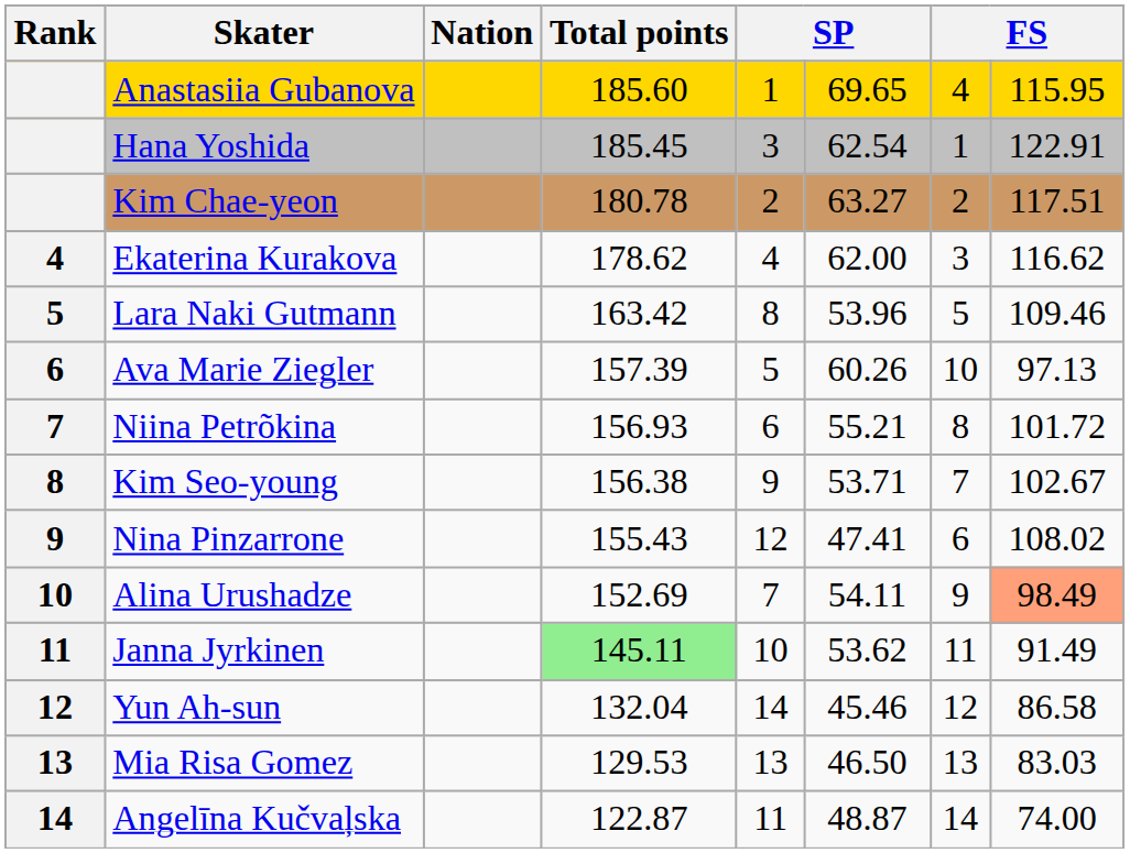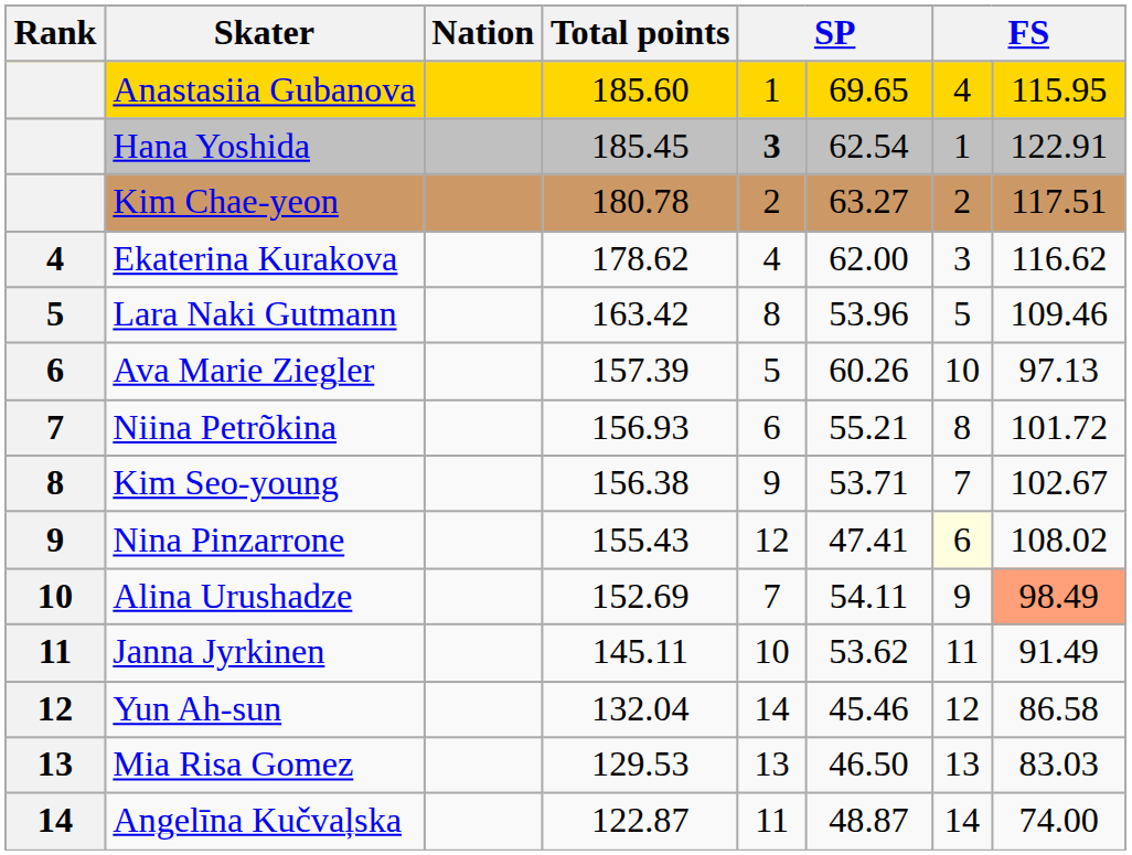 <table class="wikitable sortable" style="text-align:left">
 <tr>
 <th scope="col">Rank</th>
 <th scope="col">Skater</th>
 <th scope="col">Nation</th>
 <th scope="col">Total points</th>
 <th scope="col" colspan="2" width="80px"><a href='#'>SP</a></th>
 <th scope="col" colspan="2" width="80px"><a href='#'>FS</a></th>
 </tr>
 <tr bgcolor="gold">
 <th scope="row"></th>
 <td><a href='#'>Anastasiia Gubanova</a></td>
 <td></td>
 <td align="center">185.60</td>
 <td align="center">1</td>
 <td align="center">69.65</td>
 <td align="center">4</td>
 <td align="center">115.95</td>
 </tr>
 <tr bgcolor="silver">
 <th scope="row"></th>
 <td><a href='#'>Hana Yoshida</a></td>
 <td></td>
 <td align="center">185.45</td>
-<td align="center">3</td>
+<td align="center"><strong>3</strong></td>
 <td align="center">62.54</td>
 <td align="center">1</td>
 <td align="center">122.91</td>
 </tr>
 <tr bgcolor="cc9966">
 <th scope="row"></th>
 <td><a href='#'>Kim Chae-yeon</a></td>
 <td></td>
 <td align="center">180.78</td>
 <td align="center">2</td>
 <td align="center">63.27</td>
 <td align="center">2</td>
 <td align="center">117.51</td>
 </tr>
 <tr>
 <th scope="row">4</th>
 <td><a href='#'>Ekaterina Kurakova</a></td>
 <td></td>
 <td align="center">178.62</td>
 <td align="center">4</td>
 <td align="center">62.00</td>
 <td align="center">3</td>
 <td align="center">116.62</td>
 </tr>
 <tr>
 <th scope="row">5</th>
 <td><a href='#'>Lara Naki Gutmann</a></td>
 <td></td>
 <td align="center">163.42</td>
 <td align="center">8</td>
 <td align="center">53.96</td>
 <td align="center">5</td>
 <td align="center">109.46</td>
 </tr>
 <tr>
 <th scope="row">6</th>
 <td><a href='#'>Ava Marie Ziegler</a></td>
 <td></td>
 <td align="center">157.39</td>
 <td align="center">5</td>
 <td align="center">60.26</td>
 <td align="center">10</td>
 <td align="center">97.13</td>
 </tr>
 <tr>
 <th scope="row">7</th>
 <td><a href='#'>Niina Petrõkina</a></td>
 <td></td>
 <td align="center">156.93</td>
 <td align="center">6</td>
 <td align="center">55.21</td>
 <td align="center">8</td>
 <td align="center">101.72</td>
 </tr>
 <tr>
 <th scope="row">8</th>
 <td><a href='#'>Kim Seo-young</a></td>
 <td></td>
 <td align="center">156.38</td>
 <td align="center">9</td>
 <td align="center">53.71</td>
 <td align="center">7</td>
 <td align="center">102.67</td>
 </tr>
 <tr>
 <th scope="row">9</th>
 <td><a href='#'>Nina Pinzarrone</a></td>
 <td></td>
 <td align="center">155.43</td>
 <td align="center">12</td>
 <td align="center">47.41</td>
-<td align="center">6</td>
+<td align="center" style="background: lightyellow;">6</td>
 <td align="center">108.02</td>
 </tr>
 <tr>
 <th scope="row">10</th>
 <td><a href='#'>Alina Urushadze</a></td>
 <td></td>
 <td align="center">152.69</td>
 <td align="center">7</td>
 <td align="center">54.11</td>
 <td align="center">9</td>
 <td align="center" style="background: lightsalmon;">98.49</td>
 </tr>
 <tr>
 <th scope="row">11</th>
 <td><a href='#'>Janna Jyrkinen</a></td>
 <td></td>
-<td align="center" style="background: lightgreen;">145.11</td>
+<td align="center">145.11</td>
 <td align="center">10</td>
 <td align="center">53.62</td>
 <td align="center">11</td>
 <td align="center">91.49</td>
 </tr>
 <tr>
 <th scope="row">12</th>
 <td><a href='#'>Yun Ah-sun</a></td>
 <td></td>
 <td align="center">132.04</td>
 <td align="center">14</td>
 <td align="center">45.46</td>
 <td align="center">12</td>
 <td align="center">86.58</td>
 </tr>
 <tr>
 <th scope="row">13</th>
 <td><a href='#'>Mia Risa Gomez</a></td>
 <td></td>
 <td align="center">129.53</td>
 <td align="center">13</td>
 <td align="center">46.50</td>
 <td align="center">13</td>
 <td align="center">83.03</td>
 </tr>
 <tr>
 <th scope="row">14</th>
 <td><a href='#'>Angelīna Kučvaļska</a></td>
 <td></td>
 <td align="center">122.87</td>
 <td align="center">11</td>
 <td align="center">48.87</td>
 <td align="center">14</td>
 <td align="center">74.00</td>
 </tr>
 </table>
